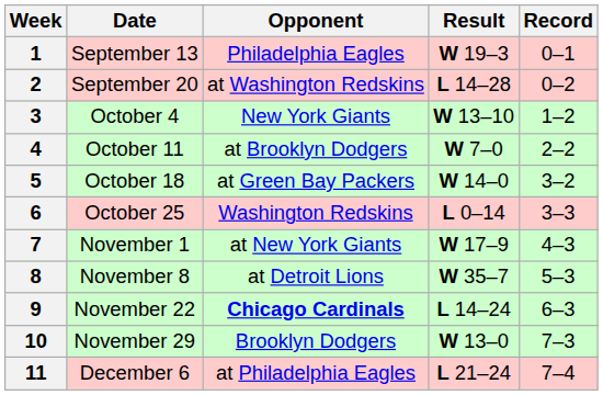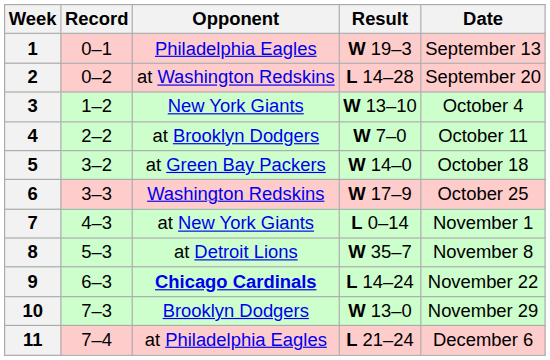 <table class="wikitable" style="text-align:center">
 <tr>
 <th>Week</th>
-<th>Date</th>
+<th>Record</th>
 <th>Opponent</th>
 <th>Result</th>
-<th>Record</th>
+<th>Date</th>
 </tr>
 <tr style="background:#fcc">
 <th>1</th>
-<td>September 13</td>
+<td>0–1</td>
 <td><a href='#'>Philadelphia Eagles</a></td>
 <td><strong>W</strong> 19–3</td>
-<td>0–1</td>
+<td>September 13</td>
 </tr>
 <tr style="background:#fcc">
 <th>2</th>
-<td>September 20</td>
+<td>0–2</td>
 <td>at <a href='#'>Washington Redskins</a></td>
 <td><strong>L</strong> 14–28</td>
-<td>0–2</td>
+<td>September 20</td>
 </tr>
 <tr style="background:#cfc">
 <th>3</th>
-<td>October 4</td>
+<td>1–2</td>
 <td><a href='#'>New York Giants</a></td>
 <td><strong>W</strong> 13–10</td>
-<td>1–2</td>
+<td>October 4</td>
 </tr>
 <tr style="background:#cfc">
 <th>4</th>
-<td>October 11</td>
+<td>2–2</td>
 <td>at <a href='#'>Brooklyn Dodgers</a></td>
 <td><strong>W</strong> 7–0</td>
-<td>2–2</td>
+<td>October 11</td>
 </tr>
 <tr style="background:#cfc">
 <th>5</th>
-<td>October 18</td>
+<td>3–2</td>
 <td>at <a href='#'>Green Bay Packers</a></td>
 <td><strong>W</strong> 14–0</td>
-<td>3–2</td>
+<td>October 18</td>
 </tr>
 <tr style="background:#fcc">
 <th>6</th>
+<td>3–3</td>
+<td><a href='#'>Washington Redskins</a></td>
+<td><strong>W</strong> 17–9</td>
 <td>October 25</td>
-<td><a href='#'>Washington Redskins</a></td>
-<td><strong>L</strong> 0–14</td>
-<td>3–3</td>
 </tr>
 <tr style="background:#cfc">
 <th>7</th>
+<td>4–3</td>
+<td>at <a href='#'>New York Giants</a></td>
+<td><strong>L</strong> 0–14</td>
 <td>November 1</td>
-<td>at <a href='#'>New York Giants</a></td>
-<td><strong>W</strong> 17–9</td>
-<td>4–3</td>
 </tr>
 <tr style="background:#cfc">
 <th>8</th>
-<td>November 8</td>
+<td>5–3</td>
 <td>at <a href='#'>Detroit Lions</a></td>
 <td><strong>W</strong> 35–7</td>
-<td>5–3</td>
+<td>November 8</td>
 </tr>
 <tr style="background:#cfc">
 <th>9</th>
-<td>November 22</td>
+<td>6–3</td>
 <td><strong><a href='#'>Chicago Cardinals</a></strong></td>
 <td><strong>L</strong> 14–24</td>
-<td>6–3</td>
+<td>November 22</td>
 </tr>
 <tr style="background:#cfc">
 <th>10</th>
-<td>November 29</td>
+<td>7–3</td>
 <td><a href='#'>Brooklyn Dodgers</a></td>
 <td><strong>W</strong> 13–0</td>
-<td>7–3</td>
+<td>November 29</td>
 </tr>
 <tr style="background:#fcc">
 <th>11</th>
-<td>December 6</td>
+<td>7–4</td>
 <td>at <a href='#'>Philadelphia Eagles</a></td>
 <td><strong>L</strong> 21–24</td>
-<td>7–4</td>
+<td>December 6</td>
 </tr>
 </table>
